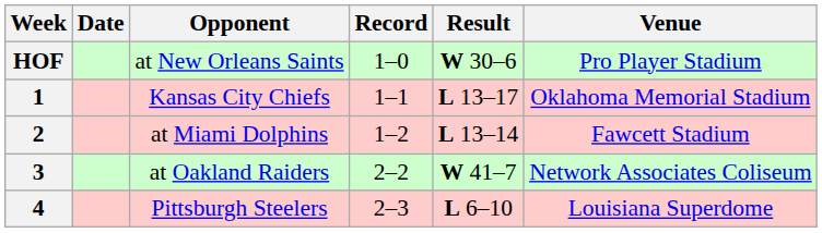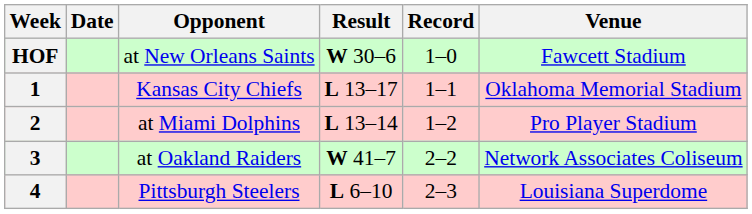 <table class="wikitable" style="text-align:center">
 <tr>
 <th>Week</th>
 <th>Date</th>
 <th>Opponent</th>
+<th>Result</th>
 <th>Record</th>
-<th>Result</th>
 <th>Venue</th>
 </tr>
 <tr style="background:#cfc">
 <th>HOF</th>
 <td></td>
 <td>at <a href='#'>New Orleans Saints</a></td>
+<td><strong>W</strong> 30–6</td>
 <td>1–0</td>
-<td><strong>W</strong> 30–6</td>
-<td><a href='#'>Pro Player Stadium</a></td>
+<td><a href='#'>Fawcett Stadium</a></td>
 </tr>
 <tr style="background:#fcc">
 <th>1</th>
 <td></td>
 <td><a href='#'>Kansas City Chiefs</a></td>
+<td><strong>L</strong> 13–17</td>
 <td>1–1</td>
-<td><strong>L</strong> 13–17</td>
 <td><a href='#'>Oklahoma Memorial Stadium</a></td>
 </tr>
 <tr style="background:#fcc">
 <th>2</th>
 <td></td>
 <td>at <a href='#'>Miami Dolphins</a></td>
+<td><strong>L</strong> 13–14</td>
 <td>1–2</td>
-<td><strong>L</strong> 13–14</td>
-<td><a href='#'>Fawcett Stadium</a></td>
+<td><a href='#'>Pro Player Stadium</a></td>
 </tr>
 <tr style="background:#cfc">
 <th>3</th>
 <td></td>
 <td>at <a href='#'>Oakland Raiders</a></td>
+<td><strong>W</strong> 41–7</td>
 <td>2–2</td>
-<td><strong>W</strong> 41–7</td>
 <td><a href='#'>Network Associates Coliseum</a></td>
 </tr>
 <tr style="background:#fcc">
 <th>4</th>
 <td></td>
 <td><a href='#'>Pittsburgh Steelers</a></td>
+<td><strong>L</strong> 6–10</td>
 <td>2–3</td>
-<td><strong>L</strong> 6–10</td>
 <td><a href='#'>Louisiana Superdome</a></td>
 </tr>
 </table>
